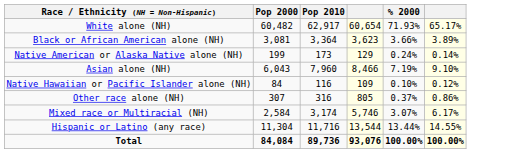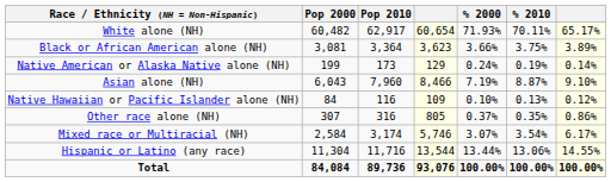 <table class="wikitable" style="text-align:center;">
 <tr>
 <th>Race / Ethnicity <small>(<em>NH = Non-Hispanic</em>)</small></th>
 <th>Pop 2000</th>
 <th>Pop 2010</th>
 <th></th>
 <th>% 2000</th>
+<th>% 2010</th>
 <th></th>
 </tr>
 <tr>
 <td><a href='#'>White</a> alone (NH)</td>
 <td>60,482</td>
 <td>62,917</td>
 <td style='background: #ffffe6;'>60,654</td>
 <td>71.93%</td>
+<td>70.11%</td>
 <td style='background: #ffffe6;'>65.17%</td>
 </tr>
 <tr>
 <td><a href='#'>Black or African American</a> alone (NH)</td>
 <td>3,081</td>
 <td>3,364</td>
 <td style='background: #ffffe6;'>3,623</td>
 <td>3.66%</td>
+<td>3.75%</td>
 <td style='background: #ffffe6;'>3.89%</td>
 </tr>
 <tr>
 <td><a href='#'>Native American</a> or <a href='#'>Alaska Native</a> alone (NH)</td>
 <td>199</td>
 <td>173</td>
 <td style='background: #ffffe6;'>129</td>
 <td>0.24%</td>
+<td>0.19%</td>
 <td style='background: #ffffe6;'>0.14%</td>
 </tr>
 <tr>
 <td><a href='#'>Asian</a> alone (NH)</td>
 <td>6,043</td>
 <td>7,960</td>
 <td style='background: #ffffe6;'>8,466</td>
 <td>7.19%</td>
+<td>8.87%</td>
 <td style='background: #ffffe6;'>9.10%</td>
 </tr>
 <tr>
 <td><a href='#'>Native Hawaiian</a> or <a href='#'>Pacific Islander</a> alone (NH)</td>
 <td>84</td>
 <td>116</td>
 <td style='background: #ffffe6;'>109</td>
 <td>0.10%</td>
+<td>0.13%</td>
 <td style='background: #ffffe6;'>0.12%</td>
 </tr>
 <tr>
 <td><a href='#'>Other race</a> alone (NH)</td>
 <td>307</td>
 <td>316</td>
 <td style='background: #ffffe6;'>805</td>
 <td>0.37%</td>
+<td>0.35%</td>
 <td style='background: #ffffe6;'>0.86%</td>
 </tr>
 <tr>
 <td><a href='#'>Mixed race or Multiracial</a> (NH)</td>
 <td>2,584</td>
 <td>3,174</td>
 <td style='background: #ffffe6;'>5,746</td>
 <td>3.07%</td>
+<td>3.54%</td>
 <td style='background: #ffffe6;'>6.17%</td>
 </tr>
 <tr>
 <td><a href='#'>Hispanic or Latino</a> (any race)</td>
 <td>11,304</td>
 <td>11,716</td>
 <td style='background: #ffffe6;'>13,544</td>
 <td>13.44%</td>
+<td>13.06%</td>
 <td style='background: #ffffe6;'>14.55%</td>
 </tr>
 <tr>
 <td><strong>Total</strong></td>
 <td><strong>84,084</strong></td>
 <td><strong>89,736</strong></td>
 <td style='background: #ffffe6;'><strong>93,076</strong></td>
 <td><strong>100.00%</strong></td>
+<td><strong>100.00%</strong></td>
 <td style='background: #ffffe6;'><strong>100.00%</strong></td>
 </tr>
 </table>
